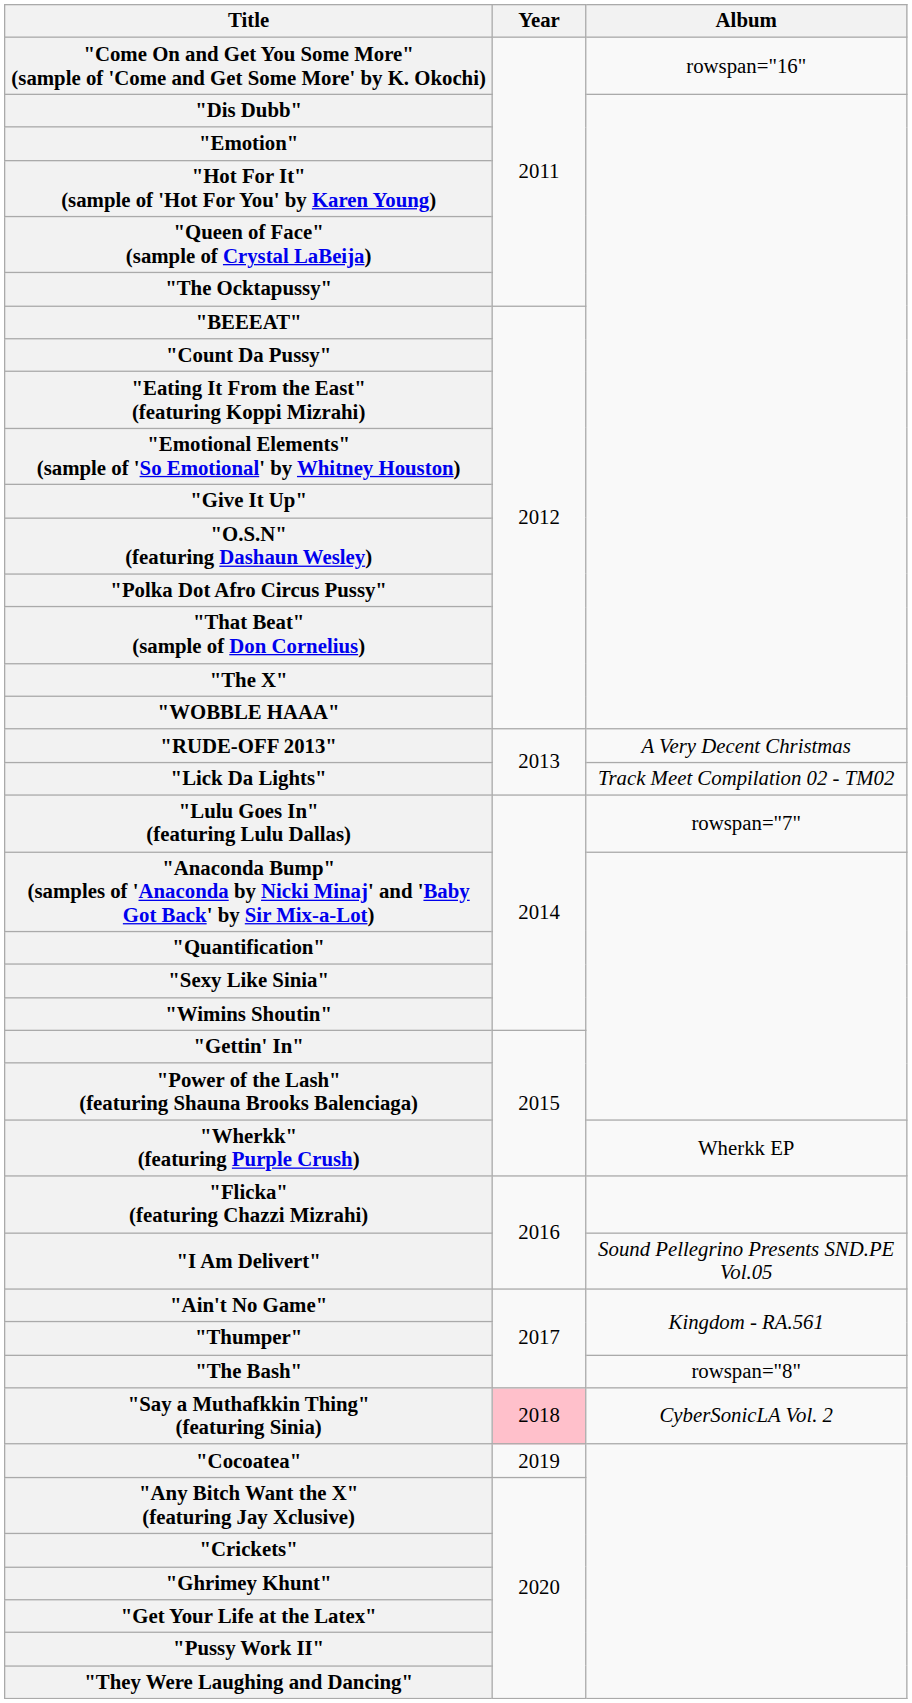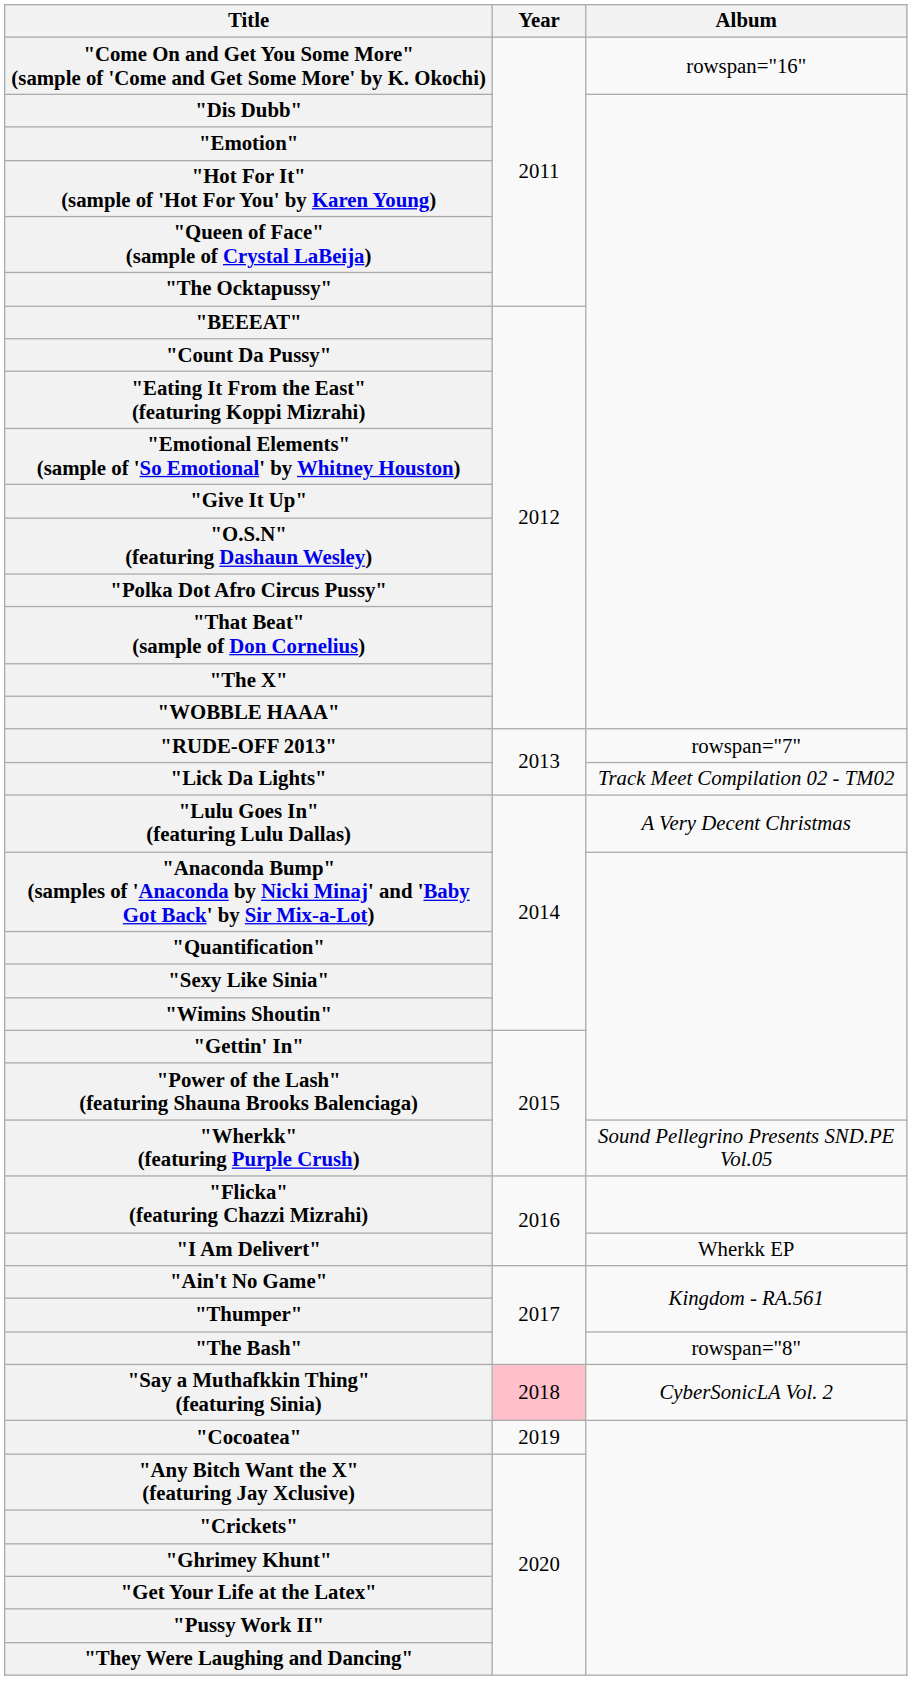 <table class="wikitable plainrowheaders" style="text-align:center;" border="1">
 <tr>
 <th scope="col" style="width:23em;">Title</th>
 <th scope="col" style="width:4em;">Year</th>
 <th scope="col" style="width:15em;">Album</th>
 </tr>
 <tr>
 <th scope="row">"Come On and Get You Some More" <br><span>(sample of 'Come and Get Some More' by K. Okochi) </span></th>
 <td rowspan="6">2011</td>
 <td>rowspan="16" </td>
 </tr>
 <tr>
 <th scope="row">"Dis Dubb" </th>
 </tr>
 <tr>
 <th scope="row">"Emotion" </th>
 </tr>
 <tr>
 <th scope="row">"Hot For It" <br><span>(sample of 'Hot For You' by <a href='#'>Karen Young</a>) </span></th>
 </tr>
 <tr>
 <th scope="row">"Queen of Face" <br><span>(sample of <a href='#'>Crystal LaBeija</a>)</span></th>
 </tr>
 <tr>
 <th scope="row">"The Ocktapussy" </th>
 </tr>
 <tr>
 <th scope="row">"BEEEAT" </th>
 <td rowspan="10">2012</td>
 </tr>
 <tr>
 <th scope="row">"Count Da Pussy" </th>
 </tr>
 <tr>
 <th scope="row">"Eating It From the East" <br><span>(featuring Koppi Mizrahi)</span></th>
 </tr>
 <tr>
 <th scope="row">"Emotional Elements" <br><span>(sample of '<a href='#'>So Emotional</a>' by <a href='#'>Whitney Houston</a>)</span></th>
 </tr>
 <tr>
 <th scope="row">"Give It Up" </th>
 </tr>
 <tr>
 <th scope="row">"O.S.N" <br><span>(featuring <a href='#'>Dashaun Wesley</a>)</span></th>
 </tr>
 <tr>
 <th scope="row">"Polka Dot Afro Circus Pussy" </th>
 </tr>
 <tr>
 <th scope="row">"That Beat" <br><span>(sample of <a href='#'>Don Cornelius</a>)</span></th>
 </tr>
 <tr>
 <th scope="row">"The X" </th>
 </tr>
 <tr>
 <th scope="row">"WOBBLE HAAA" </th>
 </tr>
 <tr>
 <th scope="row">"RUDE-OFF 2013" </th>
 <td rowspan="2">2013</td>
-<td><em>A Very Decent Christmas</em></td>
+<td>rowspan="7" </td>
 </tr>
 <tr>
 <th scope="row">"Lick Da Lights" </th>
 <td><em>Track Meet Compilation 02 - TM02</em></td>
 </tr>
 <tr>
 <th scope="row">"Lulu Goes In" <br><span>(featuring Lulu Dallas)</span></th>
 <td rowspan="5">2014</td>
-<td>rowspan="7" </td>
+<td><em>A Very Decent Christmas</em></td>
 </tr>
 <tr>
 <th scope="row">"Anaconda Bump" <br><span>(samples of '<a href='#'>Anaconda</a> by <a href='#'>Nicki Minaj</a>' and '<a href='#'>Baby Got Back</a>' by <a href='#'>Sir Mix-a-Lot</a>)</span></th>
 </tr>
 <tr>
 <th scope="row">"Quantification" </th>
 </tr>
 <tr>
 <th scope="row">"Sexy Like Sinia" </th>
 </tr>
 <tr>
 <th scope="row">"Wimins Shoutin" </th>
 </tr>
 <tr>
 <th scope="row">"Gettin' In" </th>
 <td rowspan="3">2015</td>
 </tr>
 <tr>
 <th scope="row">"Power of the Lash" <br><span>(featuring Shauna Brooks Balenciaga)</span></th>
 </tr>
 <tr>
 <th scope="row">"Wherkk" <br><span>(featuring <a href='#'>Purple Crush</a>)</span></th>
-<td>Wherkk EP</td>
+<td><em>Sound Pellegrino Presents SND.PE Vol.05</em></td>
 </tr>
 <tr>
 <th scope="row">"Flicka" <br><span>(featuring Chazzi Mizrahi)</span></th>
 <td rowspan="2">2016</td>
 <td></td>
 </tr>
 <tr>
 <th scope="row">"I Am Delivert" </th>
-<td><em>Sound Pellegrino Presents SND.PE Vol.05</em></td>
+<td>Wherkk EP</td>
 </tr>
 <tr>
 <th scope="row">"Ain't No Game" </th>
 <td rowspan="3">2017</td>
 <td rowspan="2"><em>Kingdom - RA.561</em> </td>
 </tr>
 <tr>
 <th scope="row">"Thumper" </th>
 </tr>
 <tr>
 <th scope="row">"The Bash" </th>
 <td>rowspan="8" </td>
 </tr>
 <tr>
 <th scope="row">"Say a Muthafkkin Thing" <br><span>(featuring Sinia)</span></th>
 <td style="background: pink;">2018</td>
 <td><em>CyberSonicLA Vol. 2</em></td>
 </tr>
 <tr>
 <th scope="row">"Cocoatea" </th>
 <td>2019</td>
 </tr>
 <tr>
 <th scope="row">"Any Bitch Want the X" <br><span>(featuring Jay Xclusive)</span></th>
 <td rowspan="6">2020</td>
 </tr>
 <tr>
 <th scope="row">"Crickets" </th>
 </tr>
 <tr>
 <th scope="row">"Ghrimey Khunt" </th>
 </tr>
 <tr>
 <th scope="row">"Get Your Life at the Latex" </th>
 </tr>
 <tr>
 <th scope="row">"Pussy Work II" </th>
 </tr>
 <tr>
 <th scope="row">"They Were Laughing and Dancing" </th>
 </tr>
 </table>
